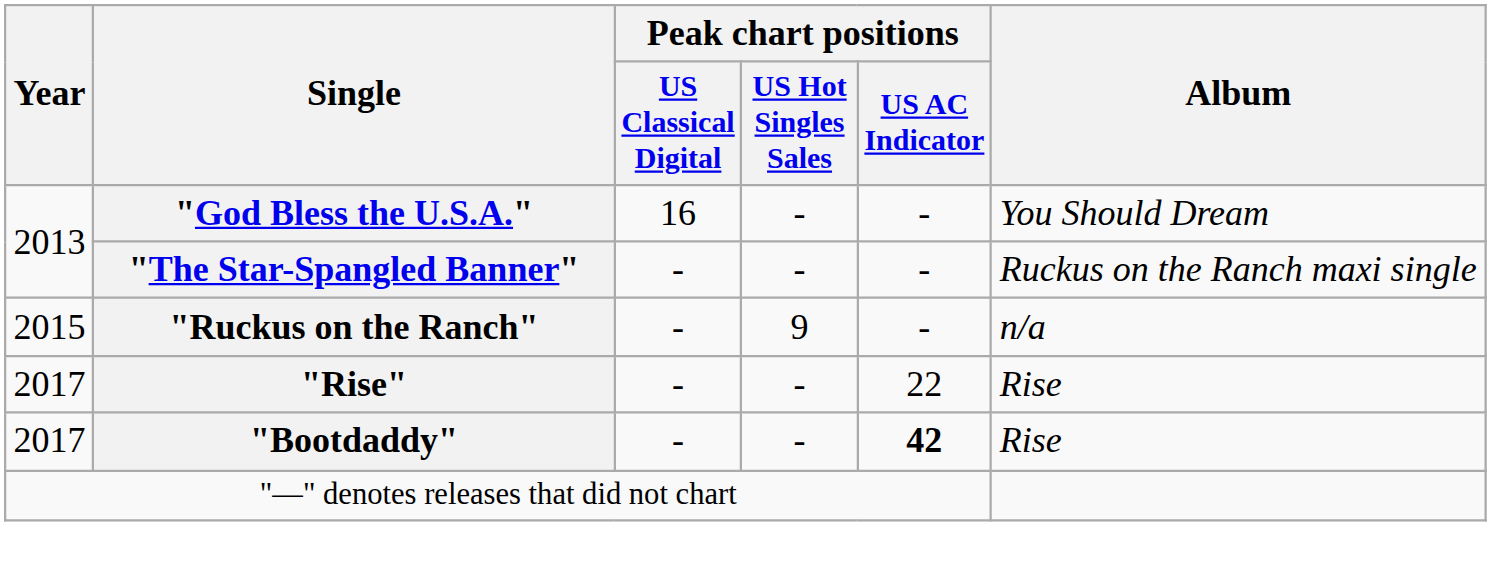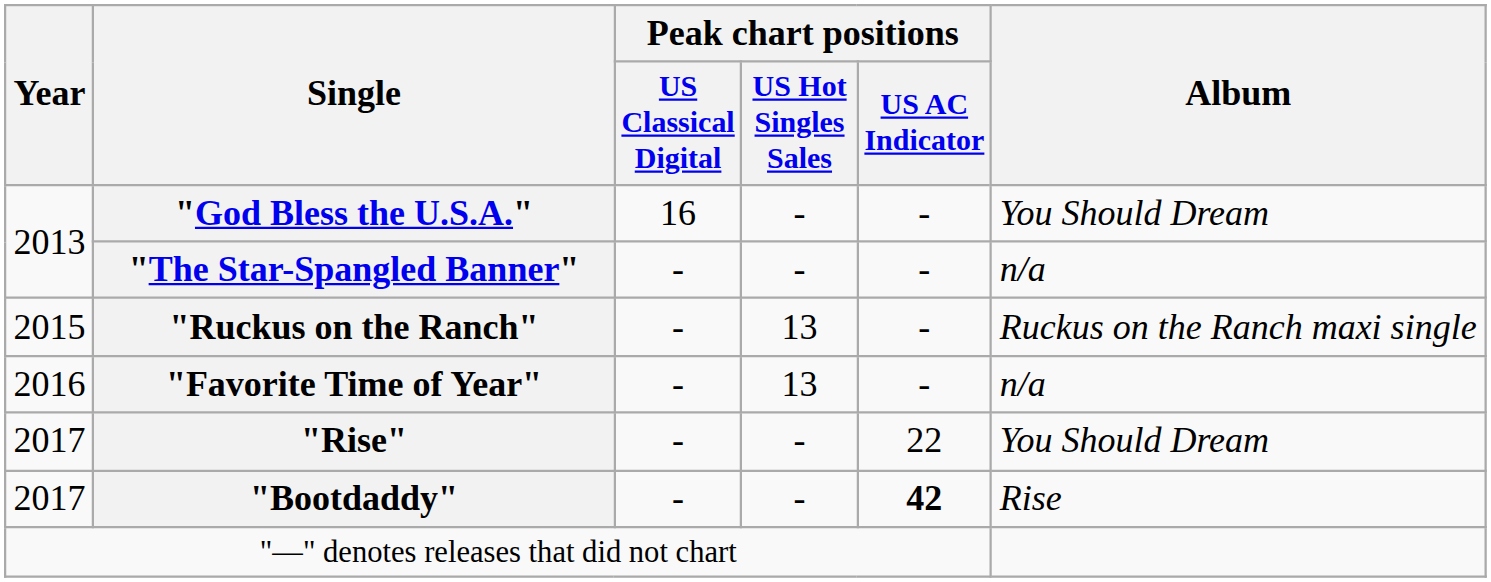 <table class="wikitable plainrowheaders" style="text-align:center;">
 <tr>
 <th rowspan="2">Year</th>
 <th rowspan="2" style="width:14em;">Single</th>
 <th colspan="3">Peak chart positions</th>
 <th rowspan="2">Album</th>
 </tr>
 <tr style="font-size:smaller;">
 <th style="width:45px;"><a href='#'>US Classical Digital</a><br></th>
 <th style="width:45px;"><a href='#'>US Hot Singles Sales</a><br></th>
 <th style="width:45px;"><a href='#'>US AC Indicator</a><br></th>
 </tr>
 <tr>
 <td rowspan="2">2013</td>
 <th scope="row">"<a href='#'>God Bless the U.S.A.</a>"</th>
 <td>16</td>
 <td>-</td>
 <td>-</td>
 <td style="text-align:left;"><em>You Should Dream</em></td>
 </tr>
 <tr>
 <th scope="row">"<a href='#'>The Star-Spangled Banner</a>"</th>
 <td>-</td>
 <td>-</td>
 <td>-</td>
-<td style="text-align:left;"><em>Ruckus on the Ranch maxi single</em></td>
+<td style="text-align:left;"><em>n/a</em></td>
 </tr>
 <tr>
 <td>2015</td>
 <th scope="row">"Ruckus on the Ranch"</th>
 <td>-</td>
-<td>9</td>
+<td>13</td>
+<td>-</td>
+<td style="text-align:left;"><em>Ruckus on the Ranch maxi single</em></td>
+</tr>
+<tr>
+<td>2016</td>
+<th scope="row">"Favorite Time of Year"</th>
+<td>-</td>
+<td>13</td>
 <td>-</td>
 <td style="text-align:left;"><em>n/a</em></td>
 </tr>
 <tr>
 <td>2017</td>
 <th scope="row">"Rise"</th>
 <td>-</td>
 <td>-</td>
 <td>22</td>
-<td style="text-align:left;"><em>Rise</em></td>
+<td style="text-align:left;"><em>You Should Dream</em></td>
 </tr>
 <tr>
 <td>2017</td>
 <th scope="row">"Bootdaddy"</th>
 <td>-</td>
 <td>-</td>
 <td><strong>42</strong></td>
 <td style="text-align:left;"><em>Rise</em></td>
 </tr>
 <tr>
 <td colspan="5" style="font-size:85%">"—" denotes releases that did not chart</td>
 </tr>
 </table>
